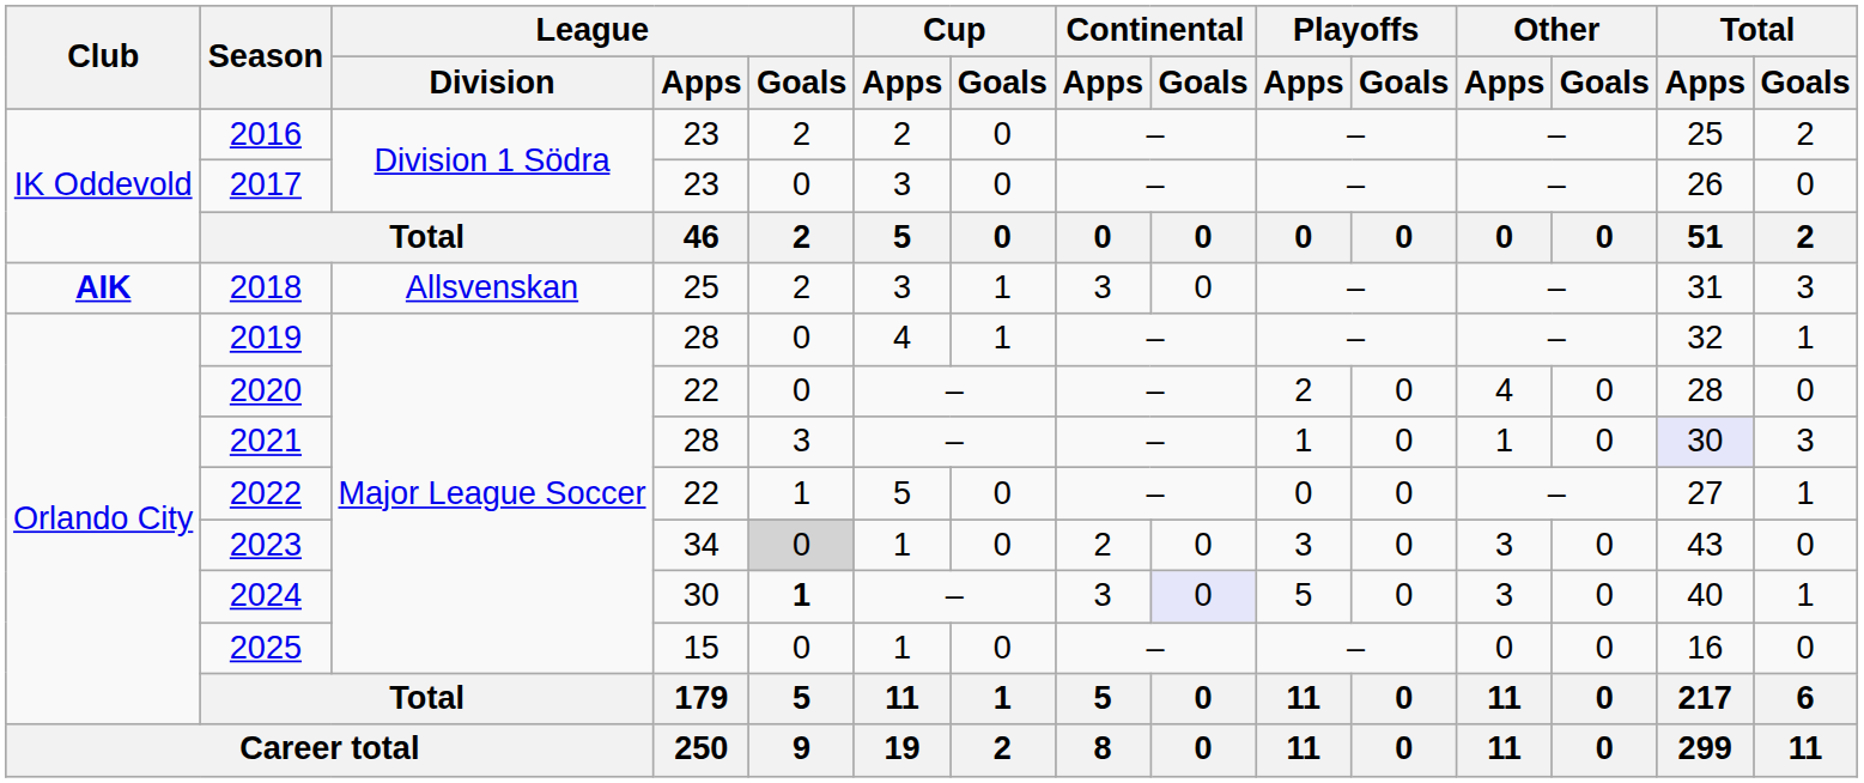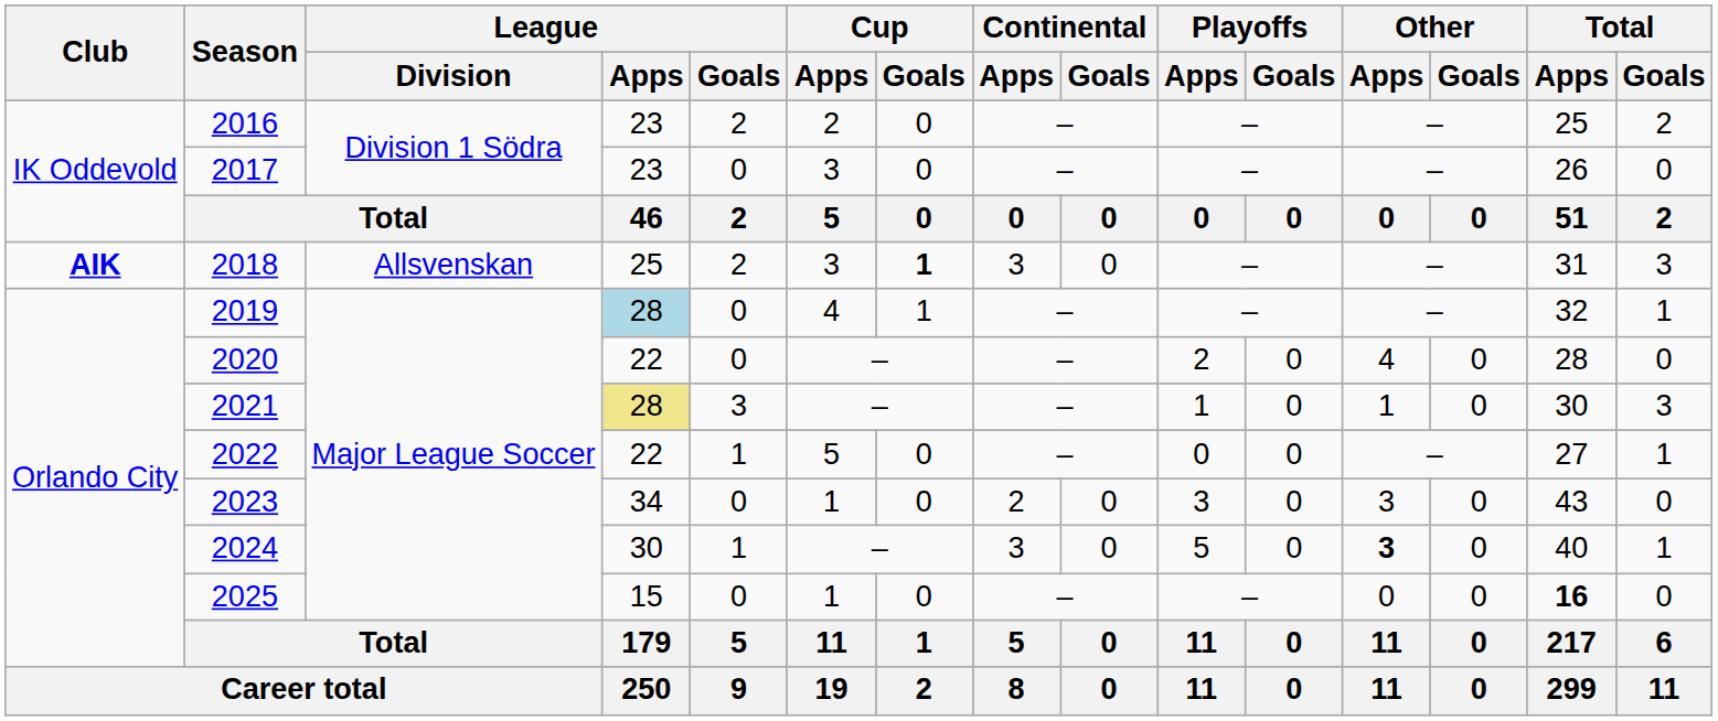 <table class="wikitable" style="text-align: center;">
 <tr>
 <th rowspan="2">Club</th>
 <th rowspan="2">Season</th>
 <th colspan="3">League</th>
 <th colspan="2">Cup</th>
 <th colspan="2">Continental</th>
 <th colspan="2">Playoffs</th>
 <th colspan="2">Other</th>
 <th colspan="2">Total</th>
 </tr>
 <tr>
 <th>Division</th>
 <th>Apps</th>
 <th>Goals</th>
 <th>Apps</th>
 <th>Goals</th>
 <th>Apps</th>
 <th>Goals</th>
 <th>Apps</th>
 <th>Goals</th>
 <th>Apps</th>
 <th>Goals</th>
 <th>Apps</th>
 <th>Goals</th>
 </tr>
 <tr>
 <td rowspan="3"><a href='#'>IK Oddevold</a></td>
 <td><a href='#'>2016</a></td>
 <td rowspan="2"><a href='#'>Division 1 Södra</a></td>
 <td>23</td>
 <td>2</td>
 <td>2</td>
 <td>0</td>
 <td colspan="2">–</td>
 <td colspan="2">–</td>
 <td colspan="2">–</td>
 <td>25</td>
 <td>2</td>
 </tr>
 <tr>
 <td><a href='#'>2017</a></td>
 <td>23</td>
 <td>0</td>
 <td>3</td>
 <td>0</td>
 <td colspan="2">–</td>
 <td colspan="2">–</td>
 <td colspan="2">–</td>
 <td>26</td>
 <td>0</td>
 </tr>
 <tr>
 <th colspan="2">Total</th>
 <th>46</th>
 <th>2</th>
 <th>5</th>
 <th>0</th>
 <th>0</th>
 <th>0</th>
 <th>0</th>
 <th>0</th>
 <th>0</th>
 <th>0</th>
 <th>51</th>
 <th>2</th>
 </tr>
 <tr>
 <td valign="center"><strong><a href='#'>AIK</a></strong></td>
 <td><a href='#'>2018</a></td>
 <td><a href='#'>Allsvenskan</a></td>
 <td>25</td>
 <td>2</td>
 <td>3</td>
-<td>1</td>
+<td><strong>1</strong></td>
 <td>3</td>
 <td>0</td>
 <td colspan="2">–</td>
 <td colspan="2">–</td>
 <td>31</td>
 <td>3</td>
 </tr>
 <tr>
 <td rowspan="8"><a href='#'>Orlando City</a></td>
 <td><a href='#'>2019</a></td>
 <td rowspan="7"><a href='#'>Major League Soccer</a></td>
-<td>28</td>
+<td style="background: lightblue;">28</td>
 <td>0</td>
 <td>4</td>
 <td>1</td>
 <td colspan="2">–</td>
 <td colspan="2">–</td>
 <td colspan="2">–</td>
 <td>32</td>
 <td>1</td>
 </tr>
 <tr>
 <td><a href='#'>2020</a></td>
 <td>22</td>
 <td>0</td>
 <td colspan="2">–</td>
 <td colspan="2">–</td>
 <td>2</td>
 <td>0</td>
 <td>4</td>
 <td>0</td>
 <td>28</td>
 <td>0</td>
 </tr>
 <tr>
 <td><a href='#'>2021</a></td>
-<td>28</td>
+<td style="background: khaki;">28</td>
 <td>3</td>
 <td colspan="2">–</td>
 <td colspan="2">–</td>
 <td>1</td>
 <td>0</td>
 <td>1</td>
 <td>0</td>
-<td style="background: lavender;">30</td>
+<td>30</td>
 <td>3</td>
 </tr>
 <tr>
 <td><a href='#'>2022</a></td>
 <td>22</td>
 <td>1</td>
 <td>5</td>
 <td>0</td>
 <td colspan="2">–</td>
 <td>0</td>
 <td>0</td>
 <td colspan="2">–</td>
 <td>27</td>
 <td>1</td>
 </tr>
 <tr>
 <td><a href='#'>2023</a></td>
 <td>34</td>
-<td style="background: lightgrey;">0</td>
+<td>0</td>
 <td>1</td>
 <td>0</td>
 <td>2</td>
 <td>0</td>
 <td>3</td>
 <td>0</td>
 <td>3</td>
 <td>0</td>
 <td>43</td>
 <td>0</td>
 </tr>
 <tr>
 <td><a href='#'>2024</a></td>
 <td>30</td>
-<td><strong>1</strong></td>
+<td>1</td>
 <td colspan="2">–</td>
 <td>3</td>
-<td style="background: lavender;">0</td>
+<td>0</td>
 <td>5</td>
 <td>0</td>
-<td>3</td>
+<td><strong>3</strong></td>
 <td>0</td>
 <td>40</td>
 <td>1</td>
 </tr>
 <tr>
 <td><a href='#'>2025</a></td>
 <td>15</td>
 <td>0</td>
 <td>1</td>
 <td>0</td>
 <td colspan="2">–</td>
 <td colspan="2">–</td>
 <td>0</td>
 <td>0</td>
-<td>16</td>
+<td><strong>16</strong></td>
 <td>0</td>
 </tr>
 <tr>
 <th colspan="2">Total</th>
 <th>179</th>
 <th>5</th>
 <th>11</th>
 <th>1</th>
 <th>5</th>
 <th>0</th>
 <th>11</th>
 <th>0</th>
 <th>11</th>
 <th>0</th>
 <th>217</th>
 <th>6</th>
 </tr>
 <tr>
 <th colspan="3">Career total</th>
 <th>250</th>
 <th>9</th>
 <th>19</th>
 <th>2</th>
 <th>8</th>
 <th>0</th>
 <th>11</th>
 <th>0</th>
 <th>11</th>
 <th>0</th>
 <th>299</th>
 <th>11</th>
 </tr>
 </table>
